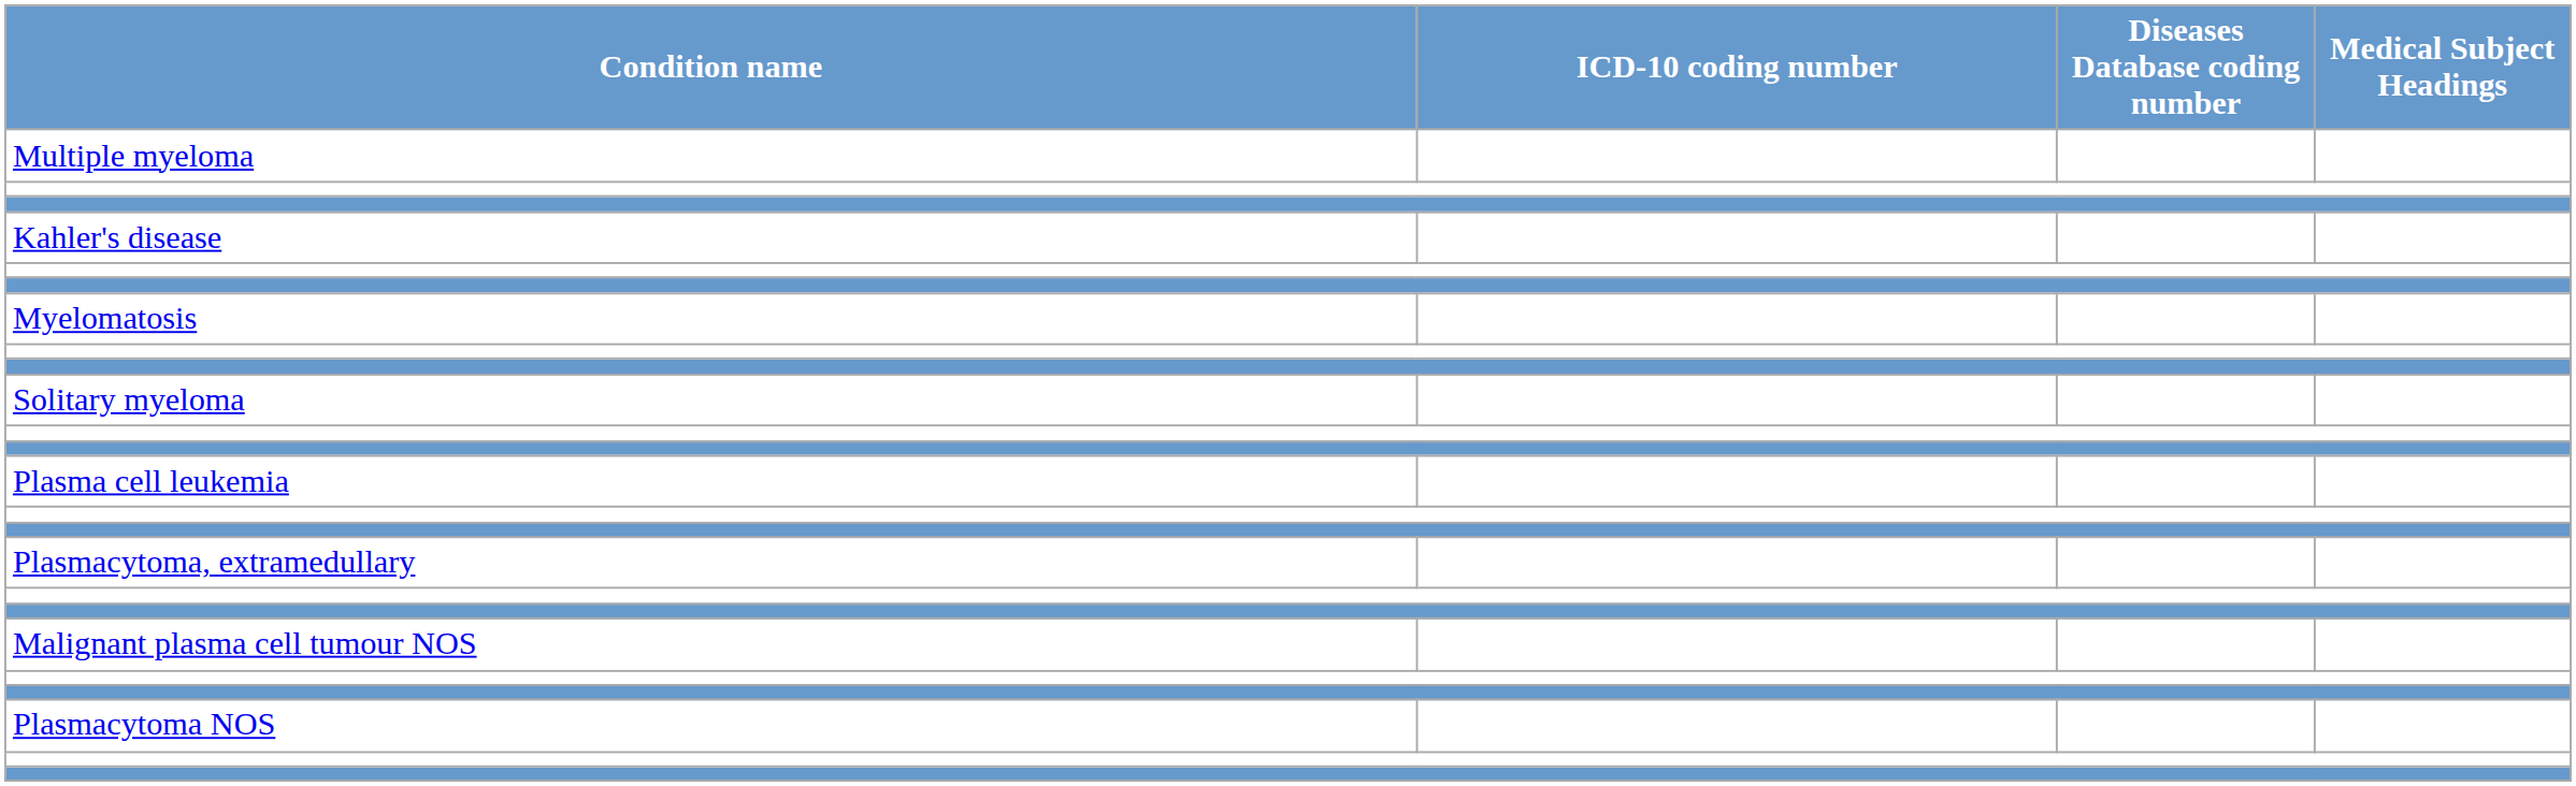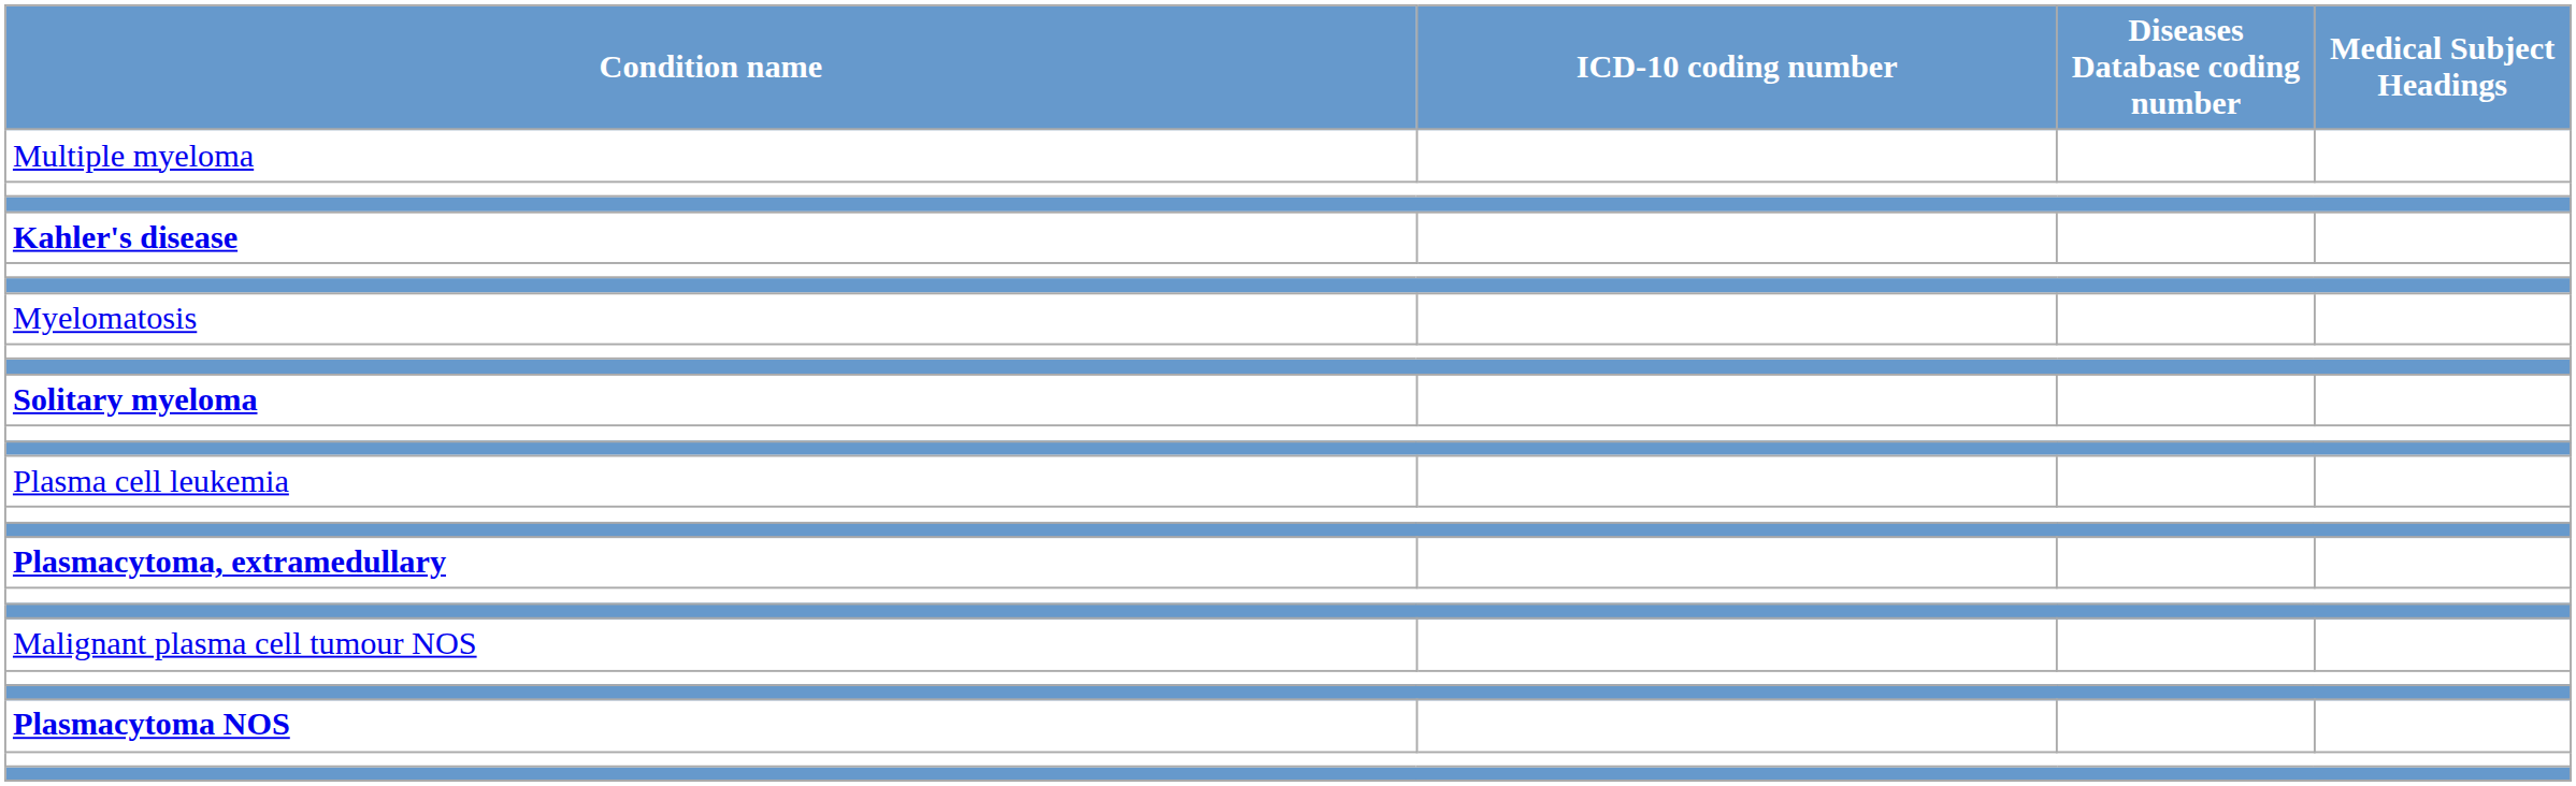 <table class="wikitable" style="width:100%; margin-right:auto; background: #FFFFFF;">
 <tr style="color:white">
 <th style="background-color:#6699CC; width:55%">Condition name</th>
 <th style="background-color:#6699CC; width:25%">ICD-10 coding number</th>
 <th style="background-color:#6699CC; width:10%">Diseases Database coding number</th>
 <th style="background-color:#6699CC; width:10%">Medical Subject Headings</th>
 </tr>
 <tr>
 <td><a href='#'>Multiple myeloma</a></td>
 <td></td>
 <td></td>
 <td></td>
 </tr>
 <tr>
 <td colspan="6"></td>
 </tr>
 <tr>
 <td colspan="6" bgcolor="#6699CC"></td>
 </tr>
 <tr>
-<td><a href='#'>Kahler's disease</a></td>
+<td><strong><a href='#'>Kahler's disease</a></strong></td>
 <td></td>
 <td></td>
 <td></td>
 </tr>
 <tr>
 <td colspan="6"></td>
 </tr>
 <tr>
 <td colspan="6" bgcolor="#6699CC"></td>
 </tr>
 <tr>
 <td><a href='#'>Myelomatosis</a></td>
 <td></td>
 <td></td>
 <td></td>
 </tr>
 <tr>
 <td colspan="6"></td>
 </tr>
 <tr>
 <td colspan="6" bgcolor="#6699CC"></td>
 </tr>
 <tr>
-<td><a href='#'>Solitary myeloma</a></td>
+<td><strong><a href='#'>Solitary myeloma</a></strong></td>
 <td></td>
 <td></td>
 <td></td>
 </tr>
 <tr>
 <td colspan="6"></td>
 </tr>
 <tr>
 <td colspan="6" bgcolor="#6699CC"></td>
 </tr>
 <tr>
 <td><a href='#'>Plasma cell leukemia</a></td>
 <td></td>
 <td></td>
 <td></td>
 </tr>
 <tr>
 <td colspan="6"></td>
 </tr>
 <tr>
 <td colspan="6" bgcolor="#6699CC"></td>
 </tr>
 <tr>
-<td><a href='#'>Plasmacytoma, extramedullary</a></td>
+<td><strong><a href='#'>Plasmacytoma, extramedullary</a></strong></td>
 <td></td>
 <td></td>
 <td></td>
 </tr>
 <tr>
 <td colspan="6"></td>
 </tr>
 <tr>
 <td colspan="6" bgcolor="#6699CC"></td>
 </tr>
 <tr>
 <td><a href='#'>Malignant plasma cell tumour NOS</a></td>
 <td></td>
 <td></td>
 <td></td>
 </tr>
 <tr>
 <td colspan="6"></td>
 </tr>
 <tr>
 <td colspan="6" bgcolor="#6699CC"></td>
 </tr>
 <tr>
-<td><a href='#'>Plasmacytoma NOS</a></td>
+<td><strong><a href='#'>Plasmacytoma NOS</a></strong></td>
 <td></td>
 <td></td>
 <td></td>
 </tr>
 <tr>
 <td colspan="6"></td>
 </tr>
 <tr>
 <td colspan="6" bgcolor="#6699CC"></td>
 </tr>
 <tr>
 </tr>
 </table>
